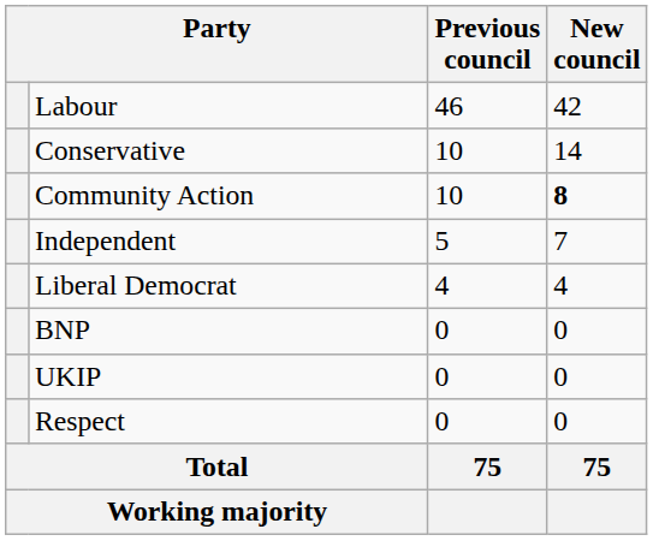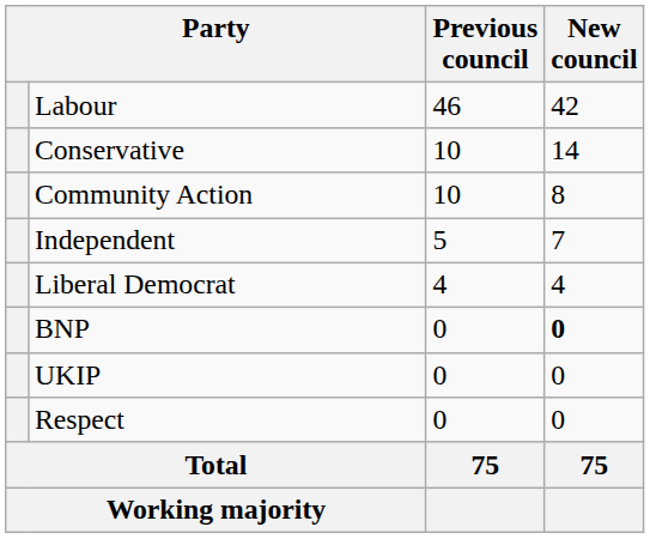 <table class="wikitable">
 <tr>
 <th valign=top colspan="2" style="width: 230px">Party</th>
 <th valign=top style="width: 30px">Previous council</th>
 <th valign=top style="width: 30px">New council</th>
 </tr>
 <tr>
 <th style="background-color: "></th>
 <td>Labour</td>
 <td>46</td>
 <td>42</td>
 </tr>
 <tr>
 <th style="background-color: "></th>
 <td>Conservative</td>
 <td>10</td>
 <td>14</td>
 </tr>
 <tr>
 <th style="background-color: "></th>
 <td>Community Action</td>
 <td>10</td>
-<td><strong>8</strong></td>
+<td>8</td>
 </tr>
 <tr>
 <th style="background-color: "></th>
 <td>Independent</td>
 <td>5</td>
 <td>7</td>
 </tr>
 <tr>
 <th style="background-color: "></th>
 <td>Liberal Democrat</td>
 <td>4</td>
 <td>4</td>
 </tr>
 <tr>
 <th style="background-color: "></th>
 <td>BNP</td>
 <td>0</td>
-<td>0</td>
+<td><strong>0</strong></td>
 </tr>
 <tr>
 <th style="background-color: "></th>
 <td>UKIP</td>
 <td>0</td>
 <td>0</td>
 </tr>
 <tr>
 <th style="background-color: "></th>
 <td>Respect</td>
 <td>0</td>
 <td>0</td>
 </tr>
 <tr>
 <th colspan=2>Total</th>
 <th style="text-align: center">75</th>
 <th colspan=3>75</th>
 </tr>
 <tr>
 <th colspan=2>Working majority</th>
 <th></th>
 <th></th>
 </tr>
 </table>
